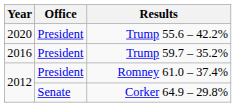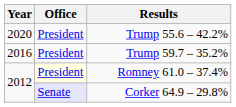 <table class=wikitable>
 <tr>
 <th width="30">Year</th>
 <th width="60">Office</th>
 <th width="180">Results</th>
 </tr>
 <tr>
 <td>2020</td>
 <td><a href='#'>President</a></td>
 <td align="right" ><a href='#'>Trump</a> 55.6 – 42.2%</td>
 </tr>
 <tr>
 <td>2016</td>
 <td><a href='#'>President</a></td>
 <td align="right" ><a href='#'>Trump</a> 59.7 – 35.2%</td>
 </tr>
 <tr>
 <td rowspan="2">2012</td>
-<td><a href='#'>President</a></td>
+<td style="background: lightyellow;"><a href='#'>President</a></td>
 <td align="right" ><a href='#'>Romney</a> 61.0 – 37.4%</td>
 </tr>
 <tr>
-<td><a href='#'>Senate</a></td>
+<td style="background: lavender;"><a href='#'>Senate</a></td>
 <td align="right" ><a href='#'>Corker</a> 64.9 – 29.8%</td>
 </tr>
 </table>
